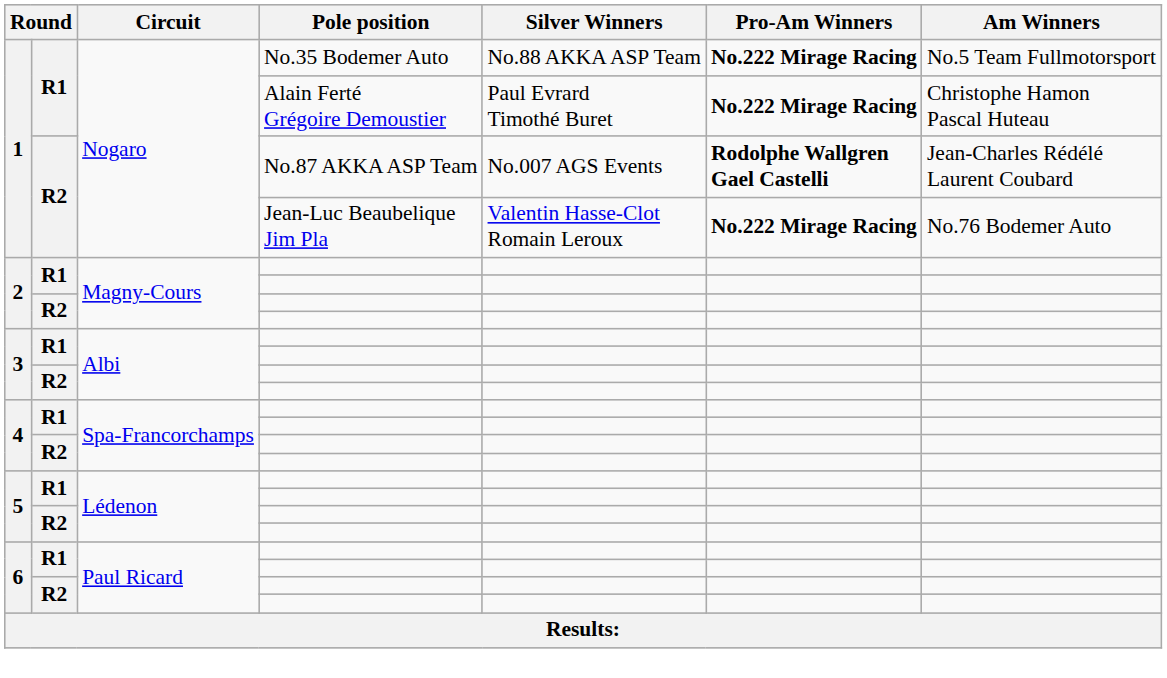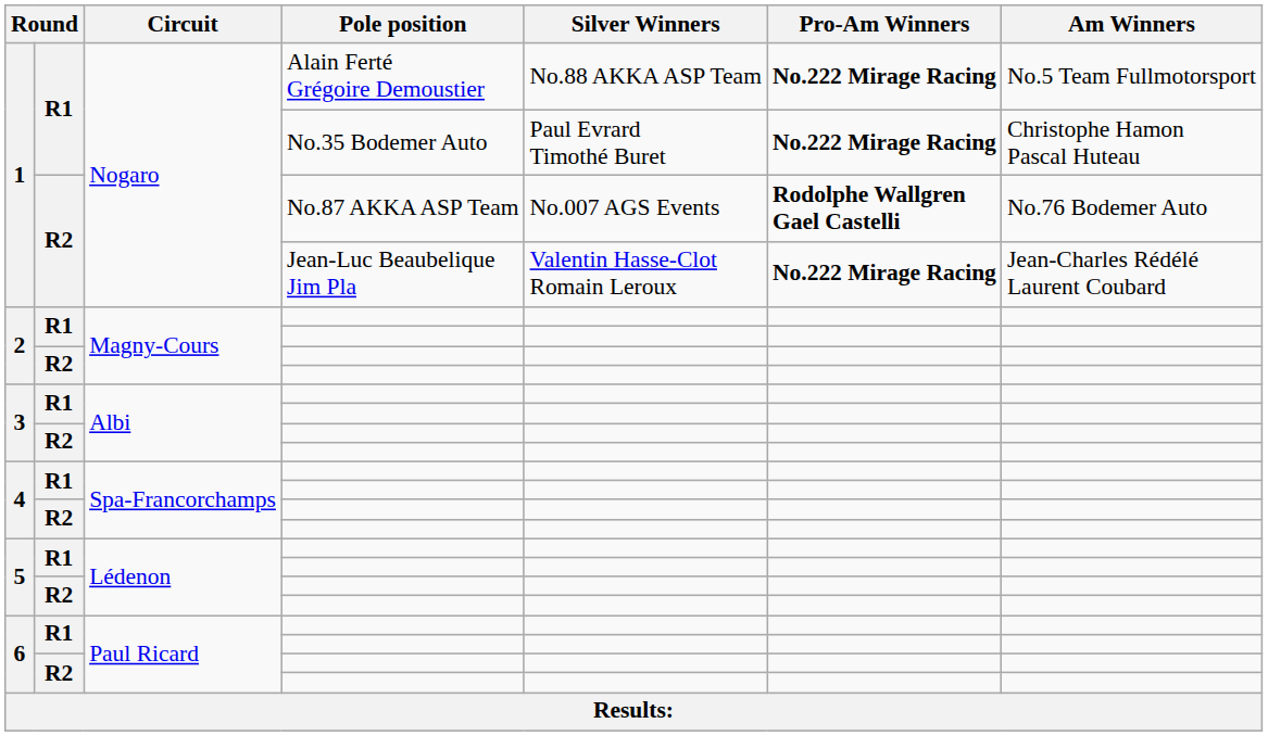 <table class="wikitable" style="font-size: 85%;">
 <tr>
 <th colspan=2>Round</th>
 <th>Circuit</th>
 <th>Pole position</th>
 <th>Silver Winners</th>
 <th>Pro-Am Winners</th>
 <th>Am Winners</th>
 </tr>
 <tr>
 <th rowspan=4>1</th>
 <th rowspan=2>R1</th>
 <td rowspan=4> <a href='#'>Nogaro</a></td>
-<td> No.35 Bodemer Auto</td>
+<td> Alain Ferté<br> <a href='#'>Grégoire Demoustier</a></td>
 <td> No.88 AKKA ASP Team</td>
 <td><strong> No.222 Mirage Racing</strong></td>
 <td> No.5 Team Fullmotorsport</td>
 </tr>
 <tr>
-<td> Alain Ferté<br> <a href='#'>Grégoire Demoustier</a></td>
+<td> No.35 Bodemer Auto</td>
 <td> Paul Evrard<br> Timothé Buret</td>
 <td><strong> No.222 Mirage Racing</strong></td>
 <td> Christophe Hamon<br> Pascal Huteau</td>
 </tr>
 <tr>
 <th rowspan=2>R2</th>
 <td> No.87 AKKA ASP Team</td>
 <td> No.007 AGS Events</td>
 <td><strong> Rodolphe Wallgren<br> Gael Castelli</strong></td>
-<td> Jean-Charles Rédélé<br> Laurent Coubard</td>
+<td> No.76 Bodemer Auto</td>
 </tr>
 <tr>
 <td> Jean-Luc Beaubelique<br> <a href='#'>Jim Pla</a></td>
 <td> <a href='#'>Valentin Hasse-Clot</a><br> Romain Leroux</td>
 <td><strong> No.222 Mirage Racing</strong></td>
-<td> No.76 Bodemer Auto</td>
+<td> Jean-Charles Rédélé<br> Laurent Coubard</td>
 </tr>
 <tr>
 <th rowspan=4>2</th>
 <th rowspan=2>R1</th>
 <td rowspan=4> <a href='#'>Magny-Cours</a></td>
 <td></td>
 <td></td>
 <td></td>
 <td></td>
 </tr>
 <tr>
 <td></td>
 <td></td>
 <td></td>
 <td></td>
 </tr>
 <tr>
 <th rowspan=2>R2</th>
 <td></td>
 <td></td>
 <td></td>
 <td></td>
 </tr>
 <tr>
 <td></td>
 <td></td>
 <td></td>
 <td></td>
 </tr>
 <tr>
 <th rowspan=4>3</th>
 <th rowspan=2>R1</th>
 <td rowspan=4> <a href='#'>Albi</a></td>
 <td></td>
 <td></td>
 <td></td>
 <td></td>
 </tr>
 <tr>
 <td></td>
 <td></td>
 <td></td>
 <td></td>
 </tr>
 <tr>
 <th rowspan=2>R2</th>
 <td></td>
 <td></td>
 <td></td>
 <td></td>
 </tr>
 <tr>
 <td></td>
 <td></td>
 <td></td>
 <td></td>
 </tr>
 <tr>
 <th rowspan=4>4</th>
 <th rowspan=2>R1</th>
 <td rowspan=4> <a href='#'>Spa-Francorchamps</a></td>
 <td></td>
 <td></td>
 <td></td>
 <td></td>
 </tr>
 <tr>
 <td></td>
 <td></td>
 <td></td>
 <td></td>
 </tr>
 <tr>
 <th rowspan=2>R2</th>
 <td></td>
 <td></td>
 <td></td>
 <td></td>
 </tr>
 <tr>
 <td></td>
 <td></td>
 <td></td>
 <td></td>
 </tr>
 <tr>
 <th rowspan=4>5</th>
 <th rowspan=2>R1</th>
 <td rowspan=4> <a href='#'>Lédenon</a></td>
 <td></td>
 <td></td>
 <td></td>
 <td></td>
 </tr>
 <tr>
 <td></td>
 <td></td>
 <td></td>
 <td></td>
 </tr>
 <tr>
 <th rowspan=2>R2</th>
 <td></td>
 <td></td>
 <td></td>
 <td></td>
 </tr>
 <tr>
 <td></td>
 <td></td>
 <td></td>
 <td></td>
 </tr>
 <tr>
 <th rowspan=4>6</th>
 <th rowspan=2>R1</th>
 <td rowspan=4> <a href='#'>Paul Ricard</a></td>
 <td></td>
 <td></td>
 <td></td>
 <td></td>
 </tr>
 <tr>
 <td></td>
 <td></td>
 <td></td>
 <td></td>
 </tr>
 <tr>
 <th rowspan=2>R2</th>
 <td></td>
 <td></td>
 <td></td>
 <td></td>
 </tr>
 <tr>
 <td></td>
 <td></td>
 <td></td>
 <td></td>
 </tr>
 <tr>
 <th colspan=7>Results:</th>
 </tr>
 </table>
